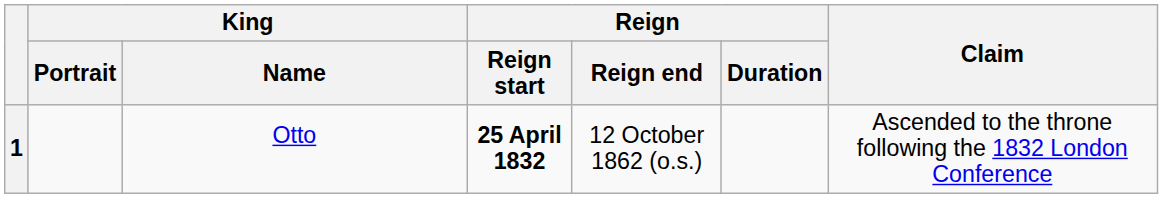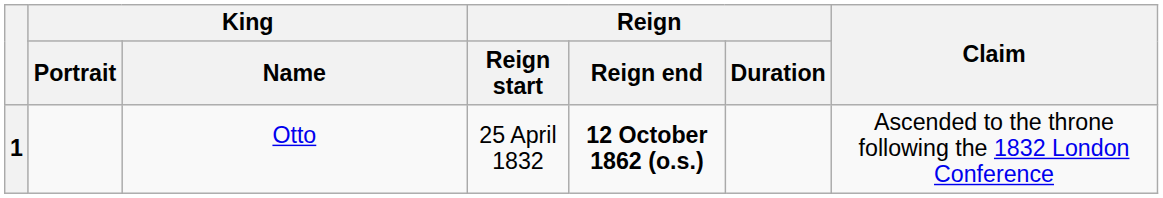 <table class="wikitable" style="text-align:center; width:90%;">
 <tr>
 <th rowspan="2"></th>
 <th colspan="2">King</th>
 <th colspan="3">Reign</th>
 <th rowspan="2">Claim</th>
 </tr>
 <tr>
 <th>Portrait</th>
 <th style="width:30%;">Name<br></th>
 <th>Reign start</th>
 <th>Reign end</th>
 <th>Duration</th>
 </tr>
 <tr>
 <th>1</th>
 <td></td>
 <td><a href='#'>Otto</a><br><br></td>
-<td><strong>25 April 1832<br></strong></td>
-<td>12 October 1862 (o.s.)<br></td>
+<td>25 April 1832<br></td>
+<td><strong>12 October 1862 (o.s.)<br></strong></td>
 <td></td>
 <td>Ascended to the throne following the <a href='#'>1832 London Conference</a></td>
 </tr>
 </table>
